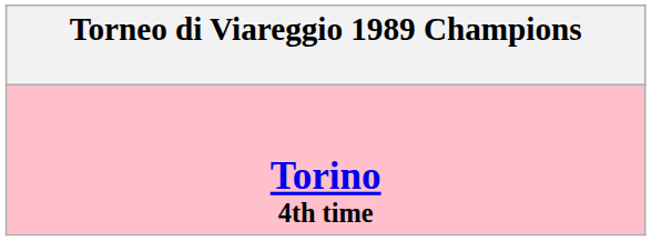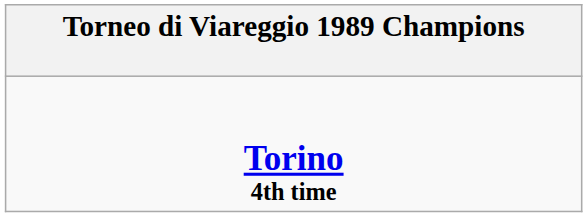 <table class="wikitable" style="margin: 0 auto; width: 30%;">
 <tr>
 <th><big>Torneo di Viareggio 1989 Champions</big><br><br></th>
 </tr>
 <tr>
-<td align=center style="background: pink;"><br><br><big><big><strong><a href='#'>Torino</a></strong><br></big></big><strong>4th time</strong></td>
+<td align=center><br><br><big><big><strong><a href='#'>Torino</a></strong><br></big></big><strong>4th time</strong></td>
 </tr>
 </table>
